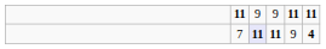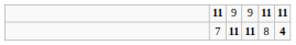 <table class="wikitable">
 <tr>
 <td style="width:18em"></td>
 <td align=center style="width:1em"><strong>11</strong></td>
 <td align=center style="width:1em">9</td>
 <td align=center style="width:1em">9</td>
 <td align=center style="width:1em"><strong>11</strong></td>
 <td align=center style="width:1em"><strong>11</strong></td>
 </tr>
 <tr>
 <td style="width:18em"></td>
 <td align=center style="width:1em">7</td>
-<td align=center style="background: lavender; width:1em"><strong>11</strong></td>
 <td align=center style="width:1em"><strong>11</strong></td>
-<td align=center style="width:1em">9</td>
+<td align=center style="width:1em"><strong>11</strong></td>
+<td align=center style="width:1em">8</td>
 <td align=center style="width:1em"><strong>4</strong></td>
 </tr>
 </table>
